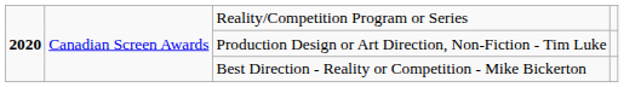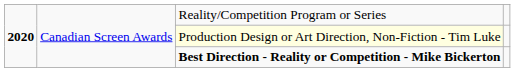 <table class="wikitable">
 <tr>
 <td rowspan=3><strong>2020</strong></td>
 <td rowspan=3><a href='#'>Canadian Screen Awards</a></td>
 <td>Reality/Competition Program or Series</td>
 <td></td>
 </tr>
 <tr>
-<td>Production Design or Art Direction, Non-Fiction - Tim Luke</td>
+<td style="background: lightyellow;">Production Design or Art Direction, Non-Fiction - Tim Luke</td>
 <td></td>
 </tr>
 <tr>
-<td>Best Direction - Reality or Competition - Mike Bickerton</td>
+<td><strong>Best Direction - Reality or Competition - Mike Bickerton</strong></td>
 <td></td>
 </tr>
 </table>
